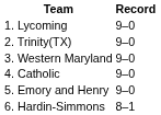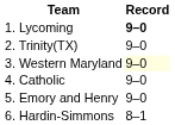 <table>
 <tr>
 <th>Team</th>
 <th>Record</th>
 </tr>
 <tr>
 <td>1. Lycoming</td>
-<td>9–0</td>
+<td><strong>9–0</strong></td>
 </tr>
 <tr>
 <td>2. Trinity(TX)</td>
 <td>9–0</td>
 </tr>
 <tr>
 <td>3. Western Maryland</td>
-<td>9–0</td>
+<td style="background: lightyellow;">9–0</td>
 </tr>
 <tr>
 <td>4. Catholic</td>
 <td>9–0</td>
 </tr>
 <tr>
 <td>5. Emory and Henry</td>
 <td>9–0</td>
 </tr>
 <tr>
 <td>6. Hardin-Simmons</td>
 <td>8–1</td>
 </tr>
 </table>
